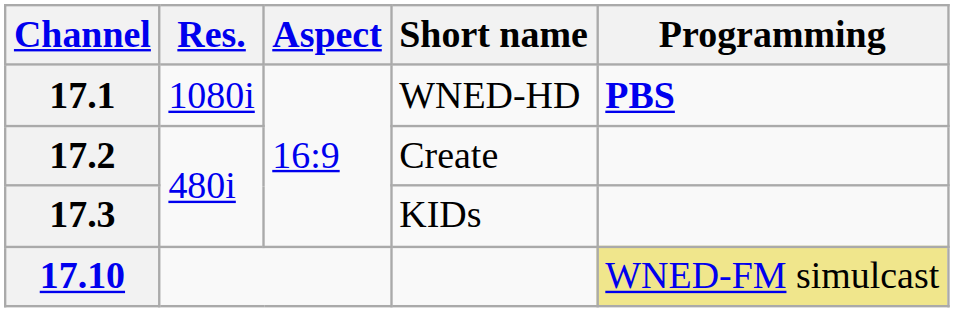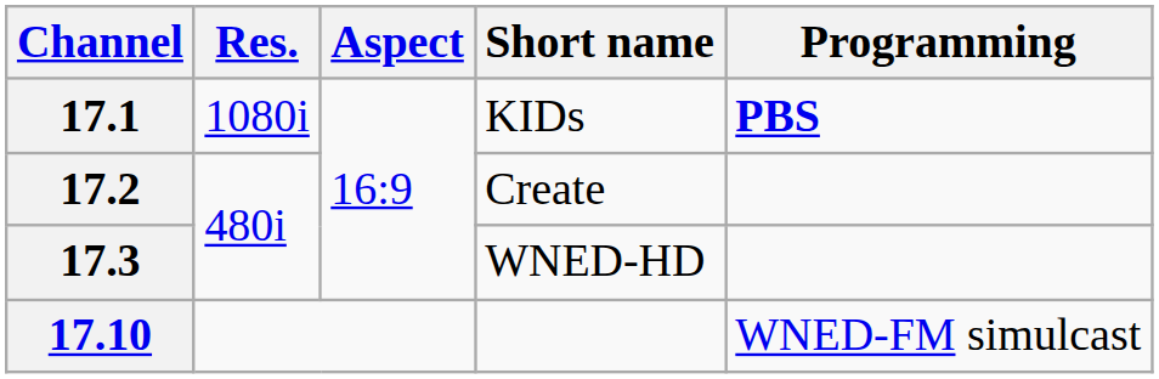 <table class="wikitable">
 <tr>
 <th scope = "col"><a href='#'>Channel</a></th>
 <th scope = "col"><a href='#'>Res.</a></th>
 <th scope = "col"><a href='#'>Aspect</a></th>
 <th scope = "col">Short name</th>
 <th scope = "col">Programming</th>
 </tr>
 <tr>
 <th scope = "row">17.1</th>
 <td><a href='#'>1080i</a></td>
 <td rowspan=3><a href='#'>16:9</a></td>
-<td>WNED-HD</td>
+<td>KIDs</td>
 <td><strong><a href='#'>PBS</a></strong></td>
 </tr>
 <tr>
 <th scope = "row">17.2</th>
 <td rowspan=2><a href='#'>480i</a></td>
 <td>Create</td>
 <td></td>
 </tr>
 <tr>
 <th scope = "row">17.3</th>
-<td>KIDs</td>
+<td>WNED-HD</td>
 <td></td>
 </tr>
 <tr>
 <th scope = "row"><a href='#'>17.10</a></th>
 <td colspan=2></td>
 <td></td>
-<td style="background: khaki;"><a href='#'>WNED-FM</a> simulcast</td>
+<td><a href='#'>WNED-FM</a> simulcast</td>
 </tr>
 </table>
